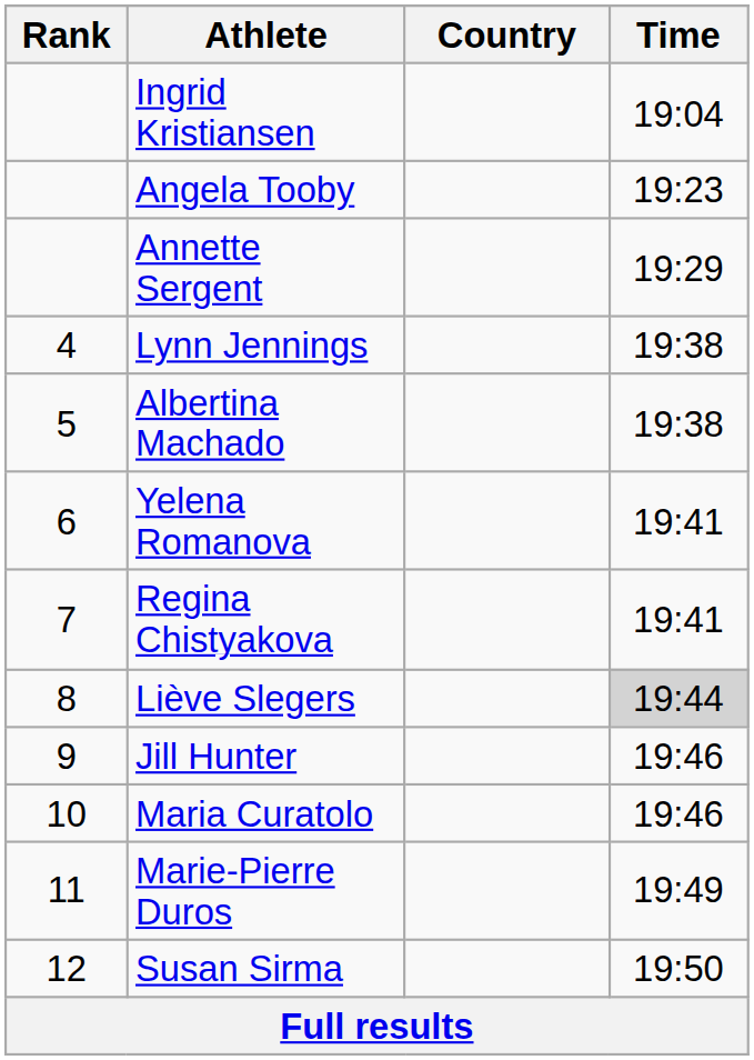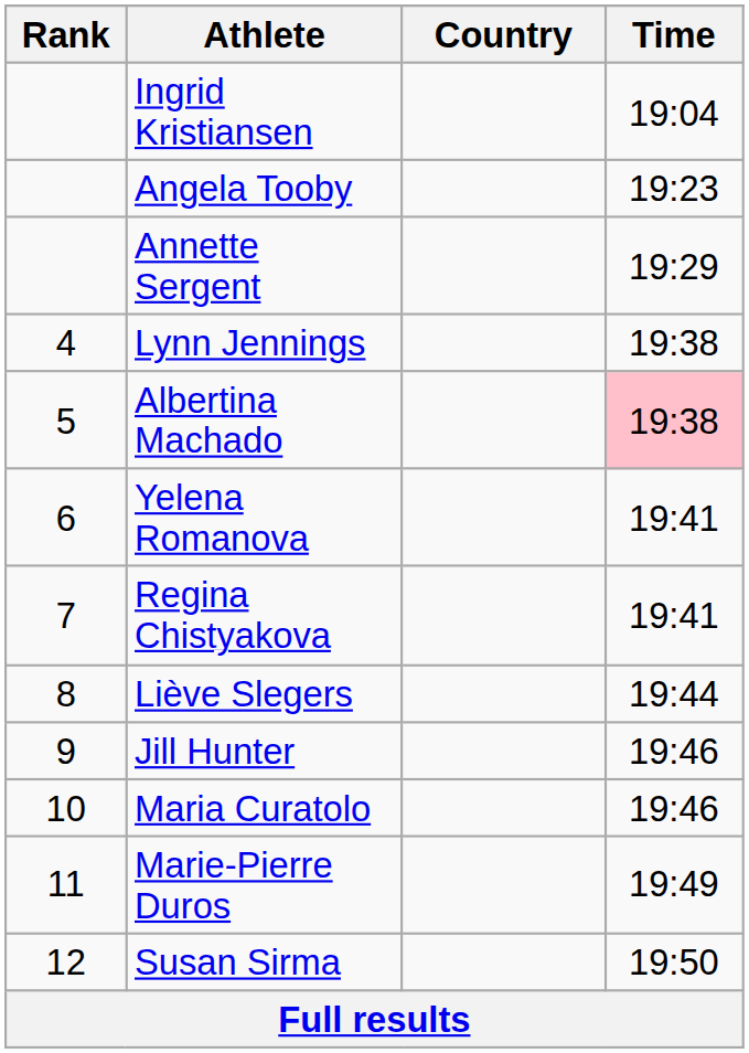 <table class="wikitable sortable" style=" text-align:center; font-size:95%;" width="50%">
 <tr>
 </tr>
 <tr>
 <th width=5%>Rank</th>
 <th width=20%>Athlete</th>
 <th width=15%>Country</th>
 <th width=10%>Time</th>
 </tr>
 <tr>
 <td align=center></td>
 <td align=left><a href='#'>Ingrid Kristiansen</a></td>
 <td align=left></td>
 <td>19:04</td>
 </tr>
 <tr>
 <td align=center></td>
 <td align=left><a href='#'>Angela Tooby</a></td>
 <td align=left></td>
 <td>19:23</td>
 </tr>
 <tr>
 <td align=center></td>
 <td align=left><a href='#'>Annette Sergent</a></td>
 <td align=left></td>
 <td>19:29</td>
 </tr>
 <tr>
 <td align=center>4</td>
 <td align=left><a href='#'>Lynn Jennings</a></td>
 <td align=left></td>
 <td>19:38</td>
 </tr>
 <tr>
 <td align=center>5</td>
 <td align=left><a href='#'>Albertina Machado</a></td>
 <td align=left></td>
-<td>19:38</td>
+<td style="background: pink;">19:38</td>
 </tr>
 <tr>
 <td align=center>6</td>
 <td align=left><a href='#'>Yelena Romanova</a></td>
 <td align=left></td>
 <td>19:41</td>
 </tr>
 <tr>
 <td align=center>7</td>
 <td align=left><a href='#'>Regina Chistyakova</a></td>
 <td align=left></td>
 <td>19:41</td>
 </tr>
 <tr>
 <td align=center>8</td>
 <td align=left><a href='#'>Liève Slegers</a></td>
 <td align=left></td>
-<td style="background: lightgrey;">19:44</td>
+<td>19:44</td>
 </tr>
 <tr>
 <td align=center>9</td>
 <td align=left><a href='#'>Jill Hunter</a></td>
 <td align=left></td>
 <td>19:46</td>
 </tr>
 <tr>
 <td align=center>10</td>
 <td align=left><a href='#'>Maria Curatolo</a></td>
 <td align=left></td>
 <td>19:46</td>
 </tr>
 <tr>
 <td align=center>11</td>
 <td align=left><a href='#'>Marie-Pierre Duros</a></td>
 <td align=left></td>
 <td>19:49</td>
 </tr>
 <tr>
 <td align=center>12</td>
 <td align=left><a href='#'>Susan Sirma</a></td>
 <td align=left></td>
 <td>19:50</td>
 </tr>
 <tr class="sortbottom">
 <th colspan=4 align=center><a href='#'>Full results</a></th>
 </tr>
 </table>
